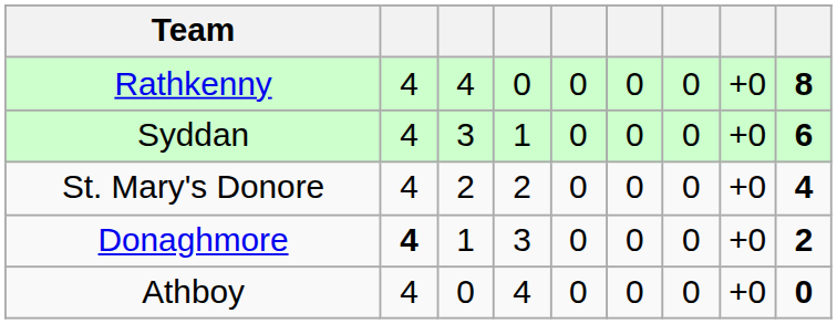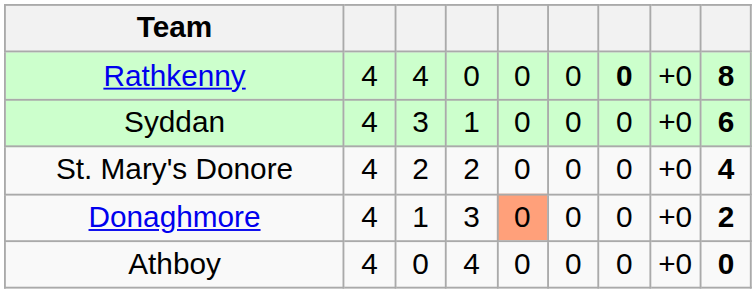 <table class="wikitable" style="text-align:center">
 <tr>
 <th width="175">Team</th>
 <th width="20"></th>
 <th width="20"></th>
 <th width="20"></th>
 <th width="20"></th>
 <th width="20"></th>
 <th width="20"></th>
 <th width="20"></th>
 <th width="20"></th>
 </tr>
 <tr style="background:#cfc;">
 <td><a href='#'>Rathkenny</a></td>
 <td>4</td>
 <td>4</td>
 <td>0</td>
 <td>0</td>
 <td>0</td>
-<td>0</td>
+<td><strong>0</strong></td>
 <td>+0</td>
 <td><strong>8</strong></td>
 </tr>
 <tr style="background:#cfc;">
 <td>Syddan</td>
 <td>4</td>
 <td>3</td>
 <td>1</td>
 <td>0</td>
 <td>0</td>
 <td>0</td>
 <td>+0</td>
 <td><strong>6</strong></td>
 </tr>
 <tr>
 <td>St. Mary's Donore</td>
 <td>4</td>
 <td>2</td>
 <td>2</td>
 <td>0</td>
 <td>0</td>
 <td>0</td>
 <td>+0</td>
 <td><strong>4</strong></td>
 </tr>
 <tr>
 <td><a href='#'>Donaghmore</a></td>
-<td><strong>4</strong></td>
+<td>4</td>
 <td>1</td>
 <td>3</td>
-<td>0</td>
+<td style="background: lightsalmon;">0</td>
 <td>0</td>
 <td>0</td>
 <td>+0</td>
 <td><strong>2</strong></td>
 </tr>
 <tr>
 <td>Athboy</td>
 <td>4</td>
 <td>0</td>
 <td>4</td>
 <td>0</td>
 <td>0</td>
 <td>0</td>
 <td>+0</td>
 <td><strong>0</strong></td>
 </tr>
 </table>
